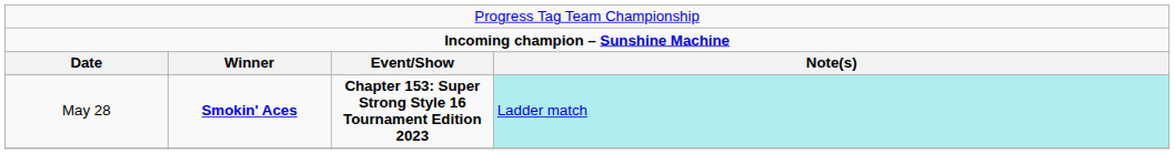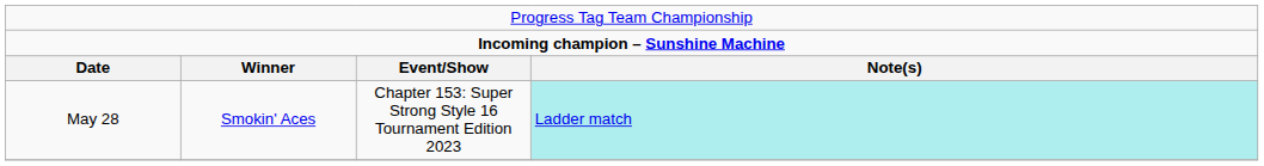 <table class="wikitable" style="text-align:center; width:100%;">
 <tr>
 <td colspan="5" style="text-align: center;"><a href='#'>Progress Tag Team Championship</a></td>
 </tr>
 <tr>
 <td colspan="5" style="text-align: center;"><strong>Incoming champion – <a href='#'>Sunshine Machine</a> </strong></td>
 </tr>
 <tr>
 <th width=14%>Date</th>
 <th width=14%>Winner</th>
 <th width=14%>Event/Show</th>
 <th width=58%>Note(s)</th>
 </tr>
 <tr>
 <td>May 28</td>
-<td><strong><a href='#'>Smokin' Aces<br></a></strong></td>
-<td><strong>Chapter 153: Super Strong Style 16 Tournament Edition 2023<br></strong></td>
+<td><a href='#'>Smokin' Aces<br></a></td>
+<td>Chapter 153: Super Strong Style 16 Tournament Edition 2023<br></td>
 <td align=left style="background: paleturquoise;"><a href='#'>Ladder match</a></td>
 </tr>
 <tr>
 </tr>
 </table>
